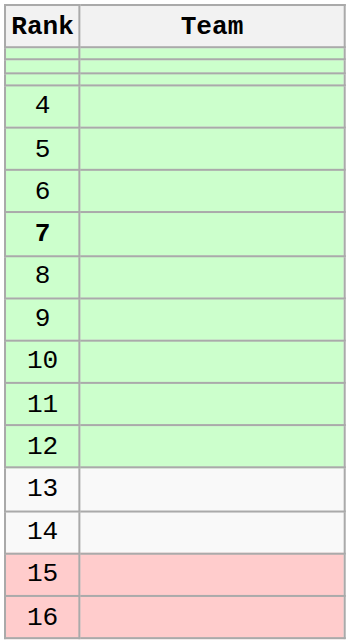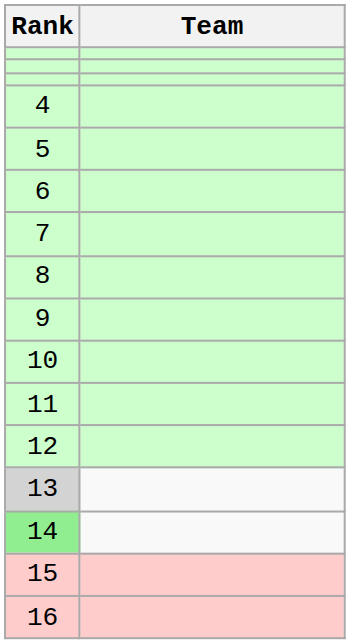 <table class=wikitable style="text-align:center;">
 <tr>
 <th>Rank</th>
 <th width=125>Team</th>
 </tr>
 <tr bgcolor=#ccffcc>
 <td></td>
 <td align=left></td>
 </tr>
 <tr bgcolor=#ccffcc>
 <td></td>
 <td align=left></td>
 </tr>
 <tr bgcolor=#ccffcc>
 <td></td>
 <td align=left></td>
 </tr>
 <tr bgcolor=#ccffcc>
 <td>4</td>
 <td align=left></td>
 </tr>
 <tr bgcolor=#ccffcc>
 <td>5</td>
 <td align=left></td>
 </tr>
 <tr bgcolor=#ccffcc>
 <td>6</td>
 <td align=left></td>
 </tr>
 <tr bgcolor=#ccffcc>
-<td><strong>7</strong></td>
+<td>7</td>
 <td align=left></td>
 </tr>
 <tr bgcolor=#ccffcc>
 <td>8</td>
 <td align=left></td>
 </tr>
 <tr bgcolor=#ccffcc>
 <td>9</td>
 <td align=left></td>
 </tr>
 <tr bgcolor=#ccffcc>
 <td>10</td>
 <td align=left></td>
 </tr>
 <tr bgcolor=#ccffcc>
 <td>11</td>
 <td align=left></td>
 </tr>
 <tr bgcolor=#ccffcc>
 <td>12</td>
 <td align=left></td>
 </tr>
 <tr>
-<td>13</td>
+<td style="background: lightgrey;">13</td>
 <td align=left></td>
 </tr>
 <tr>
-<td>14</td>
+<td style="background: lightgreen;">14</td>
 <td align=left></td>
 </tr>
 <tr bgcolor=#ffcccc>
 <td>15</td>
 <td align=left></td>
 </tr>
 <tr bgcolor=#ffcccc>
 <td>16</td>
 <td align=left></td>
 </tr>
 </table>
